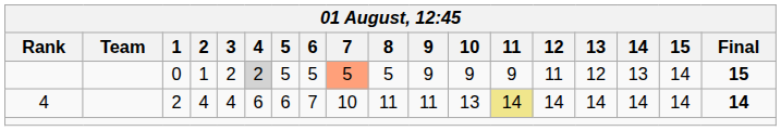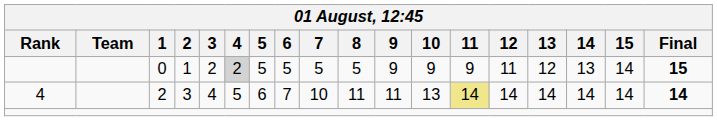 <table class=wikitable style="text-align:center; width: 55%">
 <tr>
 <th colspan=18><em>01 August, 12:45</em></th>
 </tr>
 <tr>
 <th>Rank</th>
 <th>Team</th>
 <th>1</th>
 <th>2</th>
 <th>3</th>
 <th>4</th>
 <th>5</th>
 <th>6</th>
 <th>7</th>
 <th>8</th>
 <th>9</th>
 <th>10</th>
 <th>11</th>
 <th>12</th>
 <th>13</th>
 <th>14</th>
 <th>15</th>
 <th>Final</th>
 </tr>
 <tr>
 <td></td>
 <td align=left><strong></strong></td>
 <td>0</td>
 <td>1</td>
 <td>2</td>
 <td style="background: lightgrey;">2</td>
 <td>5</td>
 <td>5</td>
-<td style="background: lightsalmon;">5</td>
+<td>5</td>
 <td>5</td>
 <td>9</td>
 <td>9</td>
 <td>9</td>
 <td>11</td>
 <td>12</td>
 <td>13</td>
 <td>14</td>
 <td><strong>15</strong></td>
 </tr>
 <tr>
 <td>4</td>
 <td align=left></td>
 <td>2</td>
+<td>3</td>
 <td>4</td>
-<td>4</td>
-<td>6</td>
+<td>5</td>
 <td>6</td>
 <td>7</td>
 <td>10</td>
 <td>11</td>
 <td>11</td>
 <td>13</td>
 <td style="background: khaki;">14</td>
 <td>14</td>
 <td>14</td>
 <td>14</td>
 <td>14</td>
 <td><strong>14</strong></td>
 </tr>
 <tr>
 <td colspan=18></td>
 </tr>
 </table>
